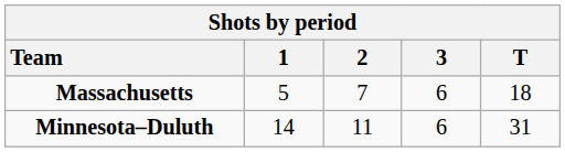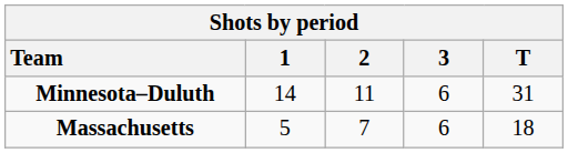 <table class="wikitable" style="width:25em; text-align:right;">
 <tr>
 <th colspan=5>Shots by period</th>
 </tr>
 <tr>
 <th style="width:10em; text-align:left;">Team</th>
 <th style="width:3em;">1</th>
 <th style="width:3em;">2</th>
 <th style="width:3em;">3</th>
 <th style="width:3em;">T</th>
 </tr>
 <tr>
+<td align=center><strong>Minnesota–Duluth </strong></td>
+<td align=center>14</td>
+<td align=center>11</td>
+<td align=center>6</td>
+<td align=center>31</td>
+</tr>
+<tr>
 <td align=center><strong>Massachusetts</strong></td>
 <td align=center>5</td>
 <td align=center>7</td>
 <td align=center>6</td>
 <td align=center>18</td>
 </tr>
-<tr>
-<td align=center><strong>Minnesota–Duluth </strong></td>
-<td align=center>14</td>
-<td align=center>11</td>
-<td align=center>6</td>
-<td align=center>31</td>
-</tr>
 </table>
